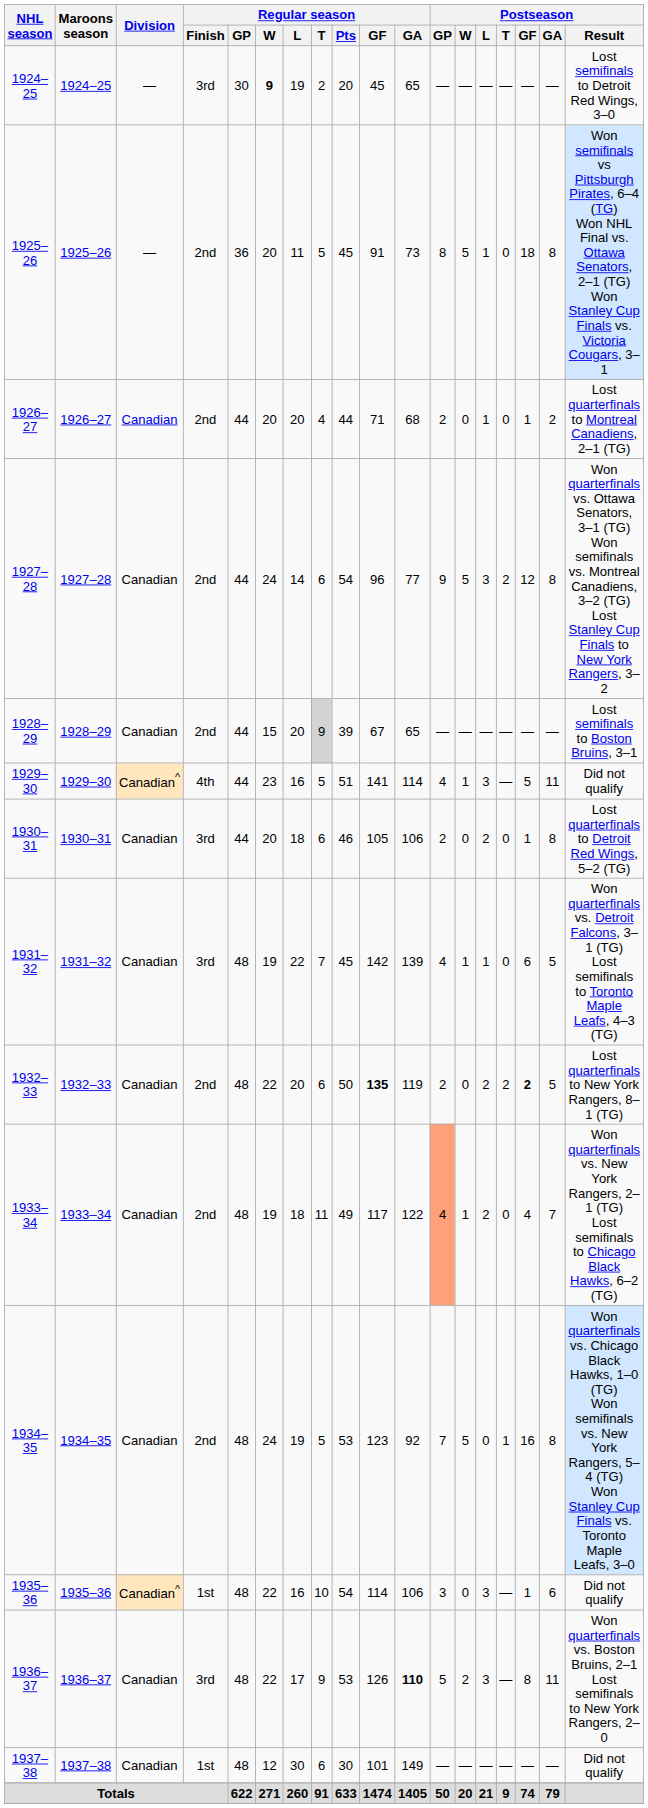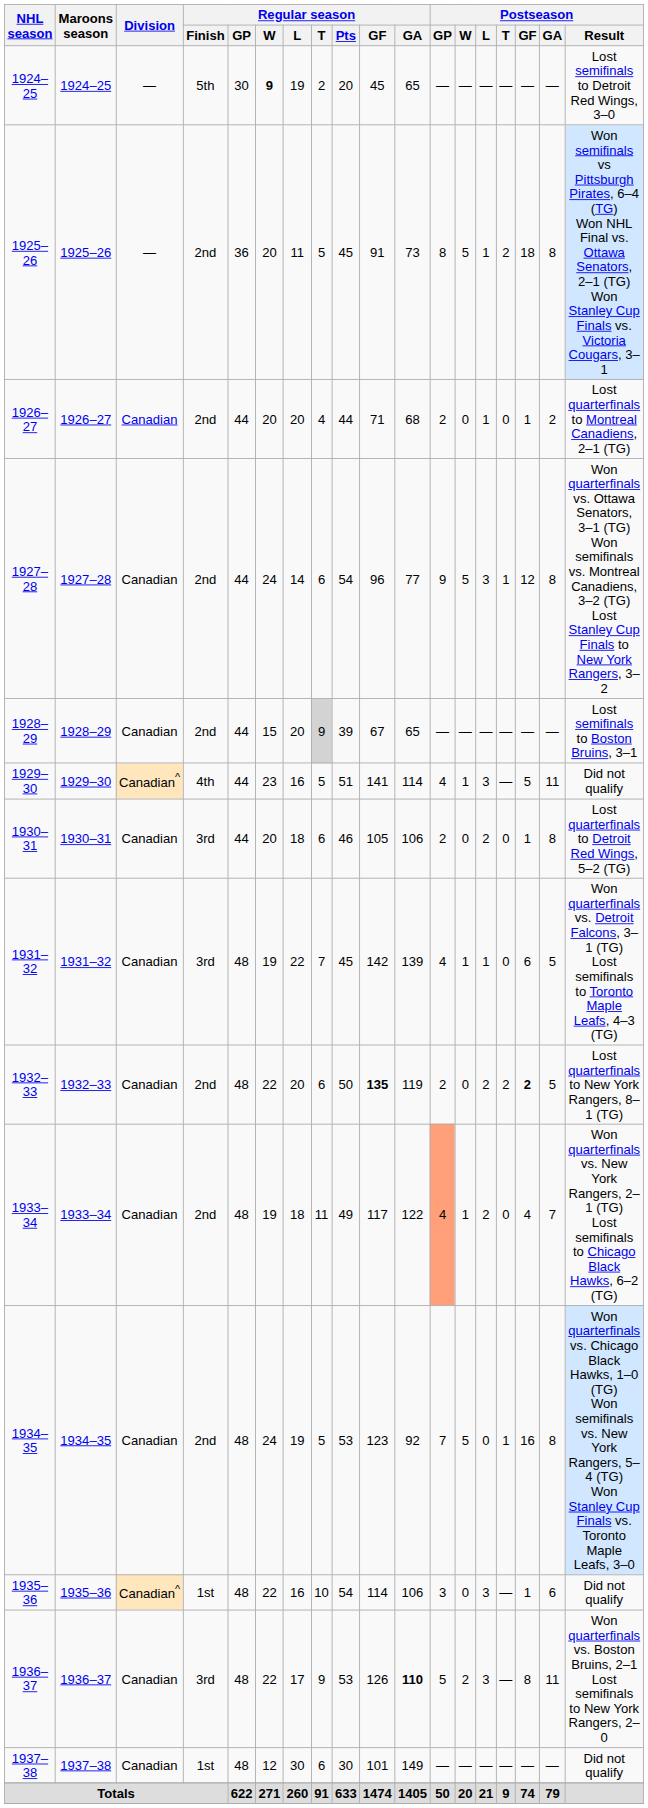 <table class="wikitable plainrowheaders" style="text-align: center; font-size: 95%">
 <tr>
 <th scope="col" rowspan="2"><a href='#'>NHL season</a></th>
 <th scope="col" rowspan="2">Maroons season</th>
 <th scope="col" rowspan="2"><a href='#'>Division</a></th>
 <th colspan="8"><a href='#'>Regular season</a></th>
 <th colspan="7"><a href='#'>Postseason</a></th>
 </tr>
 <tr>
 <th scope="col">Finish</th>
 <th scope="col">GP</th>
 <th scope="col">W</th>
 <th scope="col">L</th>
 <th scope="col">T</th>
 <th scope="col"><a href='#'>Pts</a></th>
 <th scope="col">GF</th>
 <th scope="col">GA</th>
 <th scope="col">GP</th>
 <th scope="col">W</th>
 <th scope="col">L</th>
 <th scope="col">T</th>
 <th scope="col">GF</th>
 <th scope="col">GA</th>
 <th scope="col">Result</th>
 </tr>
 <tr>
 <td><a href='#'>1924–25</a></td>
 <td><a href='#'>1924–25</a></td>
 <td>—</td>
-<td>3rd</td>
+<td>5th</td>
 <td>30</td>
 <td><strong>9</strong></td>
 <td>19</td>
 <td>2</td>
 <td>20</td>
 <td>45</td>
 <td>65</td>
 <td>—</td>
 <td>—</td>
 <td>—</td>
 <td>—</td>
 <td>—</td>
 <td>—</td>
 <td>Lost <a href='#'>semifinals</a> to Detroit Red Wings, 3–0</td>
 </tr>
 <tr>
 <td><a href='#'>1925–26</a></td>
 <td><a href='#'>1925–26</a></td>
 <td>—</td>
 <td>2nd</td>
 <td>36</td>
 <td>20</td>
 <td>11</td>
 <td>5</td>
 <td>45</td>
 <td>91</td>
 <td>73</td>
 <td>8</td>
 <td>5</td>
 <td>1</td>
-<td>0</td>
+<td>2</td>
 <td>18</td>
 <td>8</td>
 <td style="background: #D0E7FF;">Won <a href='#'>semifinals</a> vs <a href='#'>Pittsburgh Pirates</a>, 6–4 (<a href='#'>TG</a>) <br>Won NHL Final vs. <a href='#'>Ottawa Senators</a>, 2–1 (TG) <br> Won <a href='#'>Stanley Cup Finals</a> vs. <a href='#'>Victoria Cougars</a>, 3–1</td>
 </tr>
 <tr>
 <td><a href='#'>1926–27</a></td>
 <td><a href='#'>1926–27</a></td>
 <td><a href='#'>Canadian</a></td>
 <td>2nd</td>
 <td>44</td>
 <td>20</td>
 <td>20</td>
 <td>4</td>
 <td>44</td>
 <td>71</td>
 <td>68</td>
 <td>2</td>
 <td>0</td>
 <td>1</td>
 <td>0</td>
 <td>1</td>
 <td>2</td>
 <td>Lost <a href='#'>quarterfinals</a> to <a href='#'>Montreal Canadiens</a>, 2–1 (TG)</td>
 </tr>
 <tr>
 <td><a href='#'>1927–28</a></td>
 <td><a href='#'>1927–28</a></td>
 <td>Canadian</td>
 <td>2nd</td>
 <td>44</td>
 <td>24</td>
 <td>14</td>
 <td>6</td>
 <td>54</td>
 <td>96</td>
 <td>77</td>
 <td>9</td>
 <td>5</td>
 <td>3</td>
-<td>2</td>
+<td>1</td>
 <td>12</td>
 <td>8</td>
 <td>Won <a href='#'>quarterfinals</a> vs. Ottawa Senators, 3–1 (TG) <br>Won semifinals vs. Montreal Canadiens, 3–2 (TG) <br>Lost <a href='#'>Stanley Cup Finals</a> to <a href='#'>New York Rangers</a>, 3–2</td>
 </tr>
 <tr>
 <td><a href='#'>1928–29</a></td>
 <td><a href='#'>1928–29</a></td>
 <td>Canadian</td>
 <td>2nd</td>
 <td>44</td>
 <td>15</td>
 <td>20</td>
 <td style="background: lightgrey;">9</td>
 <td>39</td>
 <td>67</td>
 <td>65</td>
 <td>—</td>
 <td>—</td>
 <td>—</td>
 <td>—</td>
 <td>—</td>
 <td>—</td>
 <td>Lost <a href='#'>semifinals</a> to <a href='#'>Boston Bruins</a>, 3–1</td>
 </tr>
 <tr>
 <td><a href='#'>1929–30</a></td>
 <td><a href='#'>1929–30</a></td>
 <td bgcolor="#FFE6BD">Canadian<sup>^</sup></td>
 <td>4th</td>
 <td>44</td>
 <td>23</td>
 <td>16</td>
 <td>5</td>
 <td>51</td>
 <td>141</td>
 <td>114</td>
 <td>4</td>
 <td>1</td>
 <td>3</td>
 <td>—</td>
 <td>5</td>
 <td>11</td>
 <td>Did not qualify</td>
 </tr>
 <tr>
 <td><a href='#'>1930–31</a></td>
 <td><a href='#'>1930–31</a></td>
 <td>Canadian</td>
 <td>3rd</td>
 <td>44</td>
 <td>20</td>
 <td>18</td>
 <td>6</td>
 <td>46</td>
 <td>105</td>
 <td>106</td>
 <td>2</td>
 <td>0</td>
 <td>2</td>
 <td>0</td>
 <td>1</td>
 <td>8</td>
 <td>Lost <a href='#'>quarterfinals</a> to <a href='#'>Detroit Red Wings</a>, 5–2 (TG) </td>
 </tr>
 <tr>
 <td><a href='#'>1931–32</a></td>
 <td><a href='#'>1931–32</a></td>
 <td>Canadian</td>
 <td>3rd</td>
 <td>48</td>
 <td>19</td>
 <td>22</td>
 <td>7</td>
 <td>45</td>
 <td>142</td>
 <td>139</td>
 <td>4</td>
 <td>1</td>
 <td>1</td>
 <td>0</td>
 <td>6</td>
 <td>5</td>
 <td>Won <a href='#'>quarterfinals</a> vs. <a href='#'>Detroit Falcons</a>, 3–1 (TG) <br> Lost semifinals to <a href='#'>Toronto Maple Leafs</a>, 4–3 (TG)</td>
 </tr>
 <tr>
 <td><a href='#'>1932–33</a></td>
 <td><a href='#'>1932–33</a></td>
 <td>Canadian</td>
 <td>2nd</td>
 <td>48</td>
 <td>22</td>
 <td>20</td>
 <td>6</td>
 <td>50</td>
 <td><strong>135</strong></td>
 <td>119</td>
 <td>2</td>
 <td>0</td>
 <td>2</td>
 <td>2</td>
 <td><strong>2</strong></td>
 <td>5</td>
 <td>Lost <a href='#'>quarterfinals</a> to New York Rangers, 8–1 (TG)</td>
 </tr>
 <tr>
 <td><a href='#'>1933–34</a></td>
 <td><a href='#'>1933–34</a></td>
 <td>Canadian</td>
 <td>2nd</td>
 <td>48</td>
 <td>19</td>
 <td>18</td>
 <td>11</td>
 <td>49</td>
 <td>117</td>
 <td>122</td>
 <td style="background: lightsalmon;">4</td>
 <td>1</td>
 <td>2</td>
 <td>0</td>
 <td>4</td>
 <td>7</td>
 <td>Won <a href='#'>quarterfinals</a> vs. New York Rangers, 2–1 (TG) <br> Lost semifinals to <a href='#'>Chicago Black Hawks</a>, 6–2 (TG)</td>
 </tr>
 <tr>
 <td><a href='#'>1934–35</a></td>
 <td><a href='#'>1934–35</a></td>
 <td>Canadian</td>
 <td>2nd</td>
 <td>48</td>
 <td>24</td>
 <td>19</td>
 <td>5</td>
 <td>53</td>
 <td>123</td>
 <td>92</td>
 <td>7</td>
 <td>5</td>
 <td>0</td>
 <td>1</td>
 <td>16</td>
 <td>8</td>
 <td style="background: #D0E7FF;">Won <a href='#'>quarterfinals</a> vs. Chicago Black Hawks, 1–0 (TG) <br> Won semifinals vs. New York Rangers, 5–4 (TG) <br> Won <a href='#'>Stanley Cup Finals</a> vs. Toronto Maple Leafs, 3–0</td>
 </tr>
 <tr>
 <td><a href='#'>1935–36</a></td>
 <td><a href='#'>1935–36</a></td>
 <td bgcolor="#FFE6BD">Canadian<sup>^</sup></td>
 <td>1st</td>
 <td>48</td>
 <td>22</td>
 <td>16</td>
 <td>10</td>
 <td>54</td>
 <td>114</td>
 <td>106</td>
 <td>3</td>
 <td>0</td>
 <td>3</td>
 <td>—</td>
 <td>1</td>
 <td>6</td>
 <td>Did not qualify</td>
 </tr>
 <tr>
 <td><a href='#'>1936–37</a></td>
 <td><a href='#'>1936–37</a></td>
 <td>Canadian</td>
 <td>3rd</td>
 <td>48</td>
 <td>22</td>
 <td>17</td>
 <td>9</td>
 <td>53</td>
 <td>126</td>
 <td><strong>110</strong></td>
 <td>5</td>
 <td>2</td>
 <td>3</td>
 <td>—</td>
 <td>8</td>
 <td>11</td>
 <td>Won <a href='#'>quarterfinals</a> vs. Boston Bruins, 2–1 <br> Lost semifinals to New York Rangers, 2–0</td>
 </tr>
 <tr>
 <td><a href='#'>1937–38</a></td>
 <td><a href='#'>1937–38</a></td>
 <td>Canadian</td>
 <td>1st</td>
 <td>48</td>
 <td>12</td>
 <td>30</td>
 <td>6</td>
 <td>30</td>
 <td>101</td>
 <td>149</td>
 <td>—</td>
 <td>—</td>
 <td>—</td>
 <td>—</td>
 <td>—</td>
 <td>—</td>
 <td>Did not qualify</td>
 </tr>
 <tr>
 </tr>
 <tr style="font-weight:bold; background-color:#dddddd;" |>
 <td colspan="4">Totals</td>
 <td>622</td>
 <td>271</td>
 <td>260</td>
 <td>91</td>
 <td>633</td>
 <td>1474</td>
 <td>1405</td>
 <td>50</td>
 <td>20</td>
 <td>21</td>
 <td>9</td>
 <td>74</td>
 <td>79</td>
 <td></td>
 </tr>
 <tr>
 </tr>
 </table>
